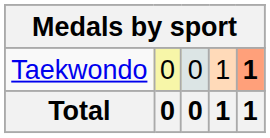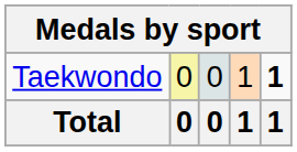 <table class="wikitable" style="font-size:90%; text-align:center;">
 <tr>
 <th colspan="5">Medals by sport</th>
 </tr>
 <tr>
 <td align="left"><a href='#'>Taekwondo</a></td>
 <td style="background:#F7F6A8;">0</td>
 <td style="background:#DCE5E5;">0</td>
 <td style="background:#FFDAB9;">1</td>
-<td style="background: lightsalmon;"><strong>1</strong></td>
+<td><strong>1</strong></td>
 </tr>
 <tr class="sortbottom">
 <th>Total</th>
 <th>0</th>
 <th>0</th>
 <th>1</th>
 <th>1</th>
 </tr>
 </table>
